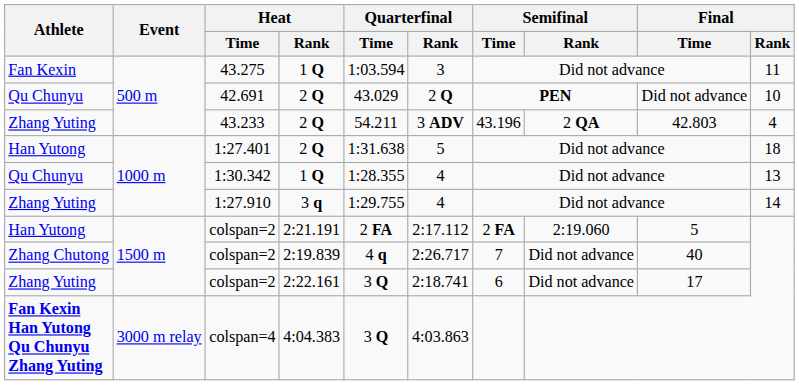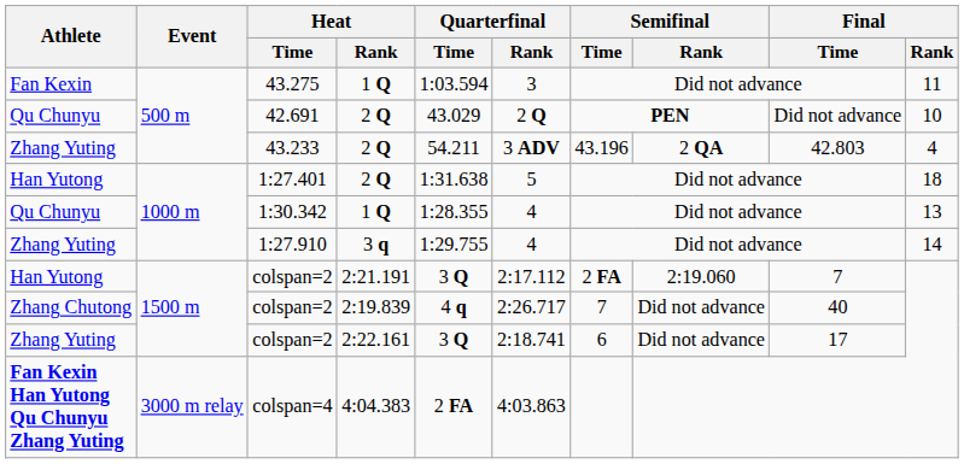 <table class="wikitable" style="font-size:90%">
 <tr>
 <th rowspan=2>Athlete</th>
 <th rowspan=2>Event</th>
 <th colspan=2>Heat</th>
 <th colspan=2>Quarterfinal</th>
 <th colspan=2>Semifinal</th>
 <th colspan=2>Final</th>
 </tr>
 <tr style="font-size:95%">
 <th>Time</th>
 <th>Rank</th>
 <th>Time</th>
 <th>Rank</th>
 <th>Time</th>
 <th>Rank</th>
 <th>Time</th>
 <th>Rank</th>
 </tr>
 <tr align=center>
 <td align=left><a href='#'>Fan Kexin</a></td>
 <td align=left rowspan=3><a href='#'>500 m</a></td>
 <td>43.275</td>
 <td>1 <strong>Q</strong></td>
 <td>1:03.594</td>
 <td>3</td>
 <td colspan=3>Did not advance</td>
 <td>11</td>
 </tr>
 <tr align=center>
 <td align=left><a href='#'>Qu Chunyu</a></td>
 <td>42.691</td>
 <td>2 <strong>Q</strong></td>
 <td>43.029</td>
 <td>2 <strong>Q</strong></td>
 <td colspan=2><strong>PEN</strong></td>
 <td>Did not advance</td>
 <td>10</td>
 </tr>
 <tr align=center>
 <td align=left><a href='#'>Zhang Yuting</a></td>
 <td>43.233</td>
 <td>2 <strong>Q</strong></td>
 <td>54.211</td>
 <td>3 <strong>ADV</strong></td>
 <td>43.196</td>
 <td>2 <strong>QA</strong></td>
 <td>42.803</td>
 <td>4</td>
 </tr>
 <tr align=center>
 <td align=left><a href='#'>Han Yutong</a></td>
 <td align=left rowspan=3><a href='#'>1000 m</a></td>
 <td>1:27.401</td>
 <td>2 <strong>Q</strong></td>
 <td>1:31.638</td>
 <td>5</td>
 <td colspan=3>Did not advance</td>
 <td>18</td>
 </tr>
 <tr align=center>
 <td align=left><a href='#'>Qu Chunyu</a></td>
 <td>1:30.342</td>
 <td>1 <strong>Q</strong></td>
 <td>1:28.355</td>
 <td>4</td>
 <td colspan=3>Did not advance</td>
 <td>13</td>
 </tr>
 <tr align=center>
 <td align=left><a href='#'>Zhang Yuting</a></td>
 <td>1:27.910</td>
 <td>3 <strong>q</strong></td>
 <td>1:29.755</td>
 <td>4</td>
 <td colspan=3>Did not advance</td>
 <td>14</td>
 </tr>
 <tr align=center>
 <td align=left><a href='#'>Han Yutong</a></td>
 <td align=left rowspan=3><a href='#'>1500 m</a></td>
 <td>colspan=2 </td>
 <td>2:21.191</td>
-<td>2 <strong>FA</strong></td>
+<td>3 <strong>Q</strong></td>
 <td>2:17.112</td>
 <td>2 <strong>FA</strong></td>
 <td>2:19.060</td>
-<td>5</td>
+<td>7</td>
 </tr>
 <tr align=center>
 <td align=left><a href='#'>Zhang Chutong</a></td>
 <td>colspan=2 </td>
 <td>2:19.839</td>
 <td>4 <strong>q</strong></td>
 <td>2:26.717</td>
 <td>7</td>
 <td>Did not advance</td>
 <td>40</td>
 </tr>
 <tr align=center>
 <td align=left><a href='#'>Zhang Yuting</a></td>
 <td>colspan=2 </td>
 <td>2:22.161</td>
 <td>3 <strong>Q</strong></td>
 <td>2:18.741</td>
 <td>6</td>
 <td>Did not advance</td>
 <td>17</td>
 </tr>
 <tr align=center>
 <td align=left><strong><a href='#'>Fan Kexin</a><br><a href='#'>Han Yutong</a><br><a href='#'>Qu Chunyu</a><br><a href='#'>Zhang Yuting</a></strong></td>
 <td align=left><a href='#'>3000 m relay</a></td>
 <td>colspan=4 </td>
 <td>4:04.383</td>
-<td>3 <strong>Q</strong></td>
+<td>2 <strong>FA</strong></td>
 <td>4:03.863</td>
 <td></td>
 </tr>
 </table>
